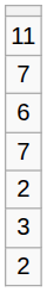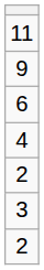 <table class="wikitable">
 <tr>
 <th></th>
 </tr>
 <tr>
 <td style="text-align:center;">11</td>
 </tr>
 <tr>
-<td style="text-align:center;">7</td>
+<td style="text-align:center;">9</td>
 </tr>
 <tr>
 <td style="text-align:center;">6</td>
 </tr>
 <tr>
-<td style="text-align:center;">7</td>
+<td style="text-align:center;">4</td>
 </tr>
 <tr>
 <td style="text-align:center;">2</td>
 </tr>
 <tr>
 <td style="text-align:center;">3</td>
 </tr>
 <tr>
 <td style="text-align:center;">2</td>
 </tr>
 </table>
